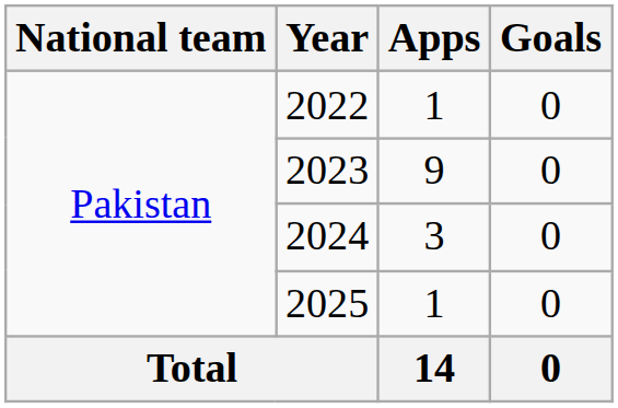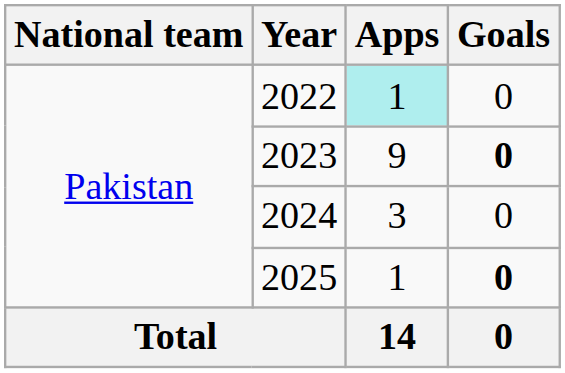 <table class="wikitable" style="text-align:center">
 <tr>
 <th>National team</th>
 <th>Year</th>
 <th>Apps</th>
 <th>Goals</th>
 </tr>
 <tr>
 <td rowspan="4"><a href='#'>Pakistan</a></td>
 <td>2022</td>
-<td>1</td>
+<td style="background: paleturquoise;">1</td>
 <td>0</td>
 </tr>
 <tr>
 <td>2023</td>
 <td>9</td>
-<td>0</td>
+<td><strong>0</strong></td>
 </tr>
 <tr>
 <td>2024</td>
 <td>3</td>
 <td>0</td>
 </tr>
 <tr>
 <td>2025</td>
 <td>1</td>
-<td>0</td>
+<td><strong>0</strong></td>
 </tr>
 <tr>
 <th colspan="2">Total</th>
 <th>14</th>
 <th>0</th>
 </tr>
 </table>
